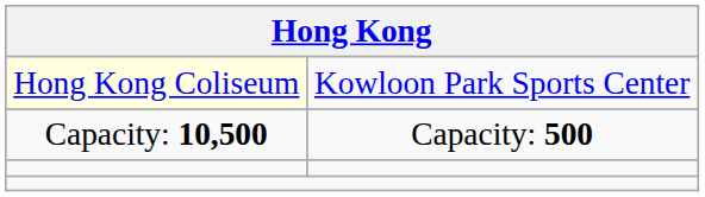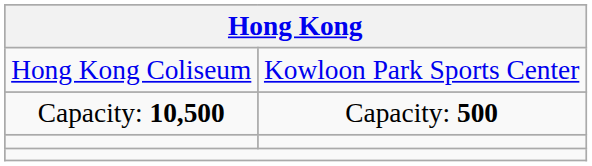 <table class="wikitable" style="text-align:center;">
 <tr>
 <th colspan=2> <a href='#'>Hong Kong</a></th>
 </tr>
 <tr>
-<td style="background: lightyellow;"><a href='#'>Hong Kong Coliseum</a></td>
+<td><a href='#'>Hong Kong Coliseum</a></td>
 <td><a href='#'>Kowloon Park Sports Center</a></td>
 </tr>
 <tr>
 <td>Capacity: <strong>10,500</strong></td>
 <td>Capacity: <strong>500</strong></td>
 </tr>
 <tr>
 <td></td>
 <td></td>
 </tr>
 <tr>
 <td rowspan=4 colspan=2></td>
 </tr>
 </table>
